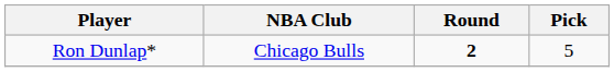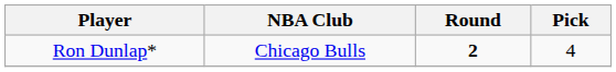 <table class="wikitable" width="500">
 <tr>
 <th>Player</th>
 <th>NBA Club</th>
 <th>Round</th>
 <th>Pick</th>
 </tr>
 <tr align="center" bgcolor="">
 <td><a href='#'>Ron Dunlap</a>*</td>
 <td><a href='#'>Chicago Bulls</a></td>
 <td><strong>2</strong></td>
-<td>5</td>
+<td>4</td>
 </tr>
 <tr align="center" bgcolor="">
 </tr>
 </table>
